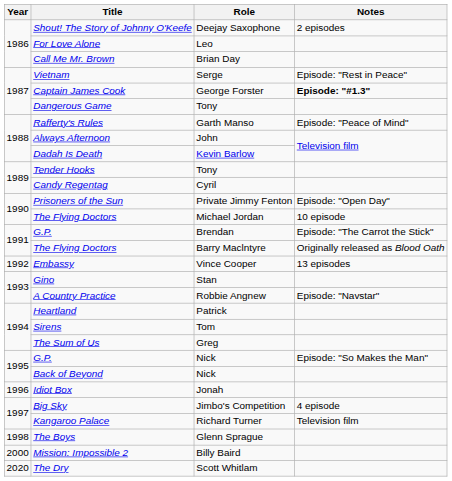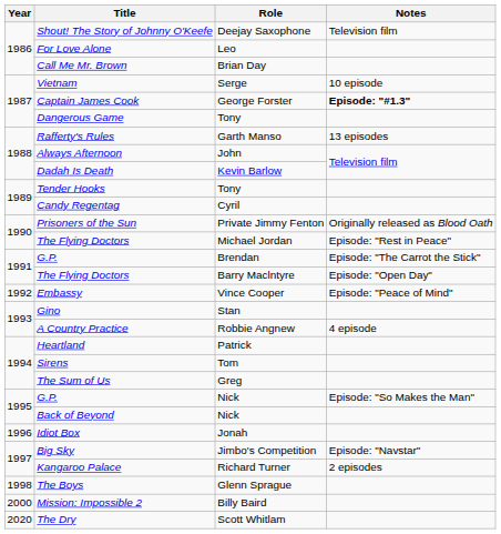 <table class="wikitable sortable">
 <tr>
 <th>Year</th>
 <th>Title</th>
 <th>Role</th>
 <th class="unsortable">Notes</th>
 </tr>
 <tr>
 <td rowspan="3">1986</td>
 <td><em><a href='#'>Shout! The Story of Johnny O'Keefe</a></em></td>
 <td>Deejay Saxophone</td>
-<td>2 episodes</td>
+<td>Television film</td>
 </tr>
 <tr>
 <td><em><a href='#'>For Love Alone</a></em></td>
 <td>Leo</td>
 <td></td>
 </tr>
 <tr>
 <td><em><a href='#'>Call Me Mr. Brown</a></em></td>
 <td>Brian Day</td>
 <td></td>
 </tr>
 <tr>
 <td rowspan="3">1987</td>
 <td><em><a href='#'>Vietnam</a></em></td>
 <td>Serge</td>
-<td>Episode: "Rest in Peace"</td>
+<td>10 episode</td>
 </tr>
 <tr>
 <td><em><a href='#'>Captain James Cook</a></em></td>
 <td>George Forster</td>
 <td><strong>Episode: "#1.3"</strong></td>
 </tr>
 <tr>
 <td><em><a href='#'>Dangerous Game</a></em></td>
 <td>Tony</td>
 <td></td>
 </tr>
 <tr>
 <td rowspan="3">1988</td>
 <td><em><a href='#'>Rafferty's Rules</a></em></td>
 <td>Garth Manso</td>
-<td>Episode: "Peace of Mind"</td>
+<td>13 episodes</td>
 </tr>
 <tr>
 <td><em><a href='#'>Always Afternoon</a></em></td>
 <td>John</td>
 <td rowspan="2"><a href='#'>Television film</a></td>
 </tr>
 <tr>
 <td><em><a href='#'>Dadah Is Death</a></em></td>
 <td><a href='#'>Kevin Barlow</a></td>
 </tr>
 <tr>
 <td rowspan="2">1989</td>
 <td><em><a href='#'>Tender Hooks</a></em></td>
 <td>Tony</td>
 <td></td>
 </tr>
 <tr>
 <td><em><a href='#'>Candy Regentag</a></em></td>
 <td>Cyril</td>
 <td></td>
 </tr>
 <tr>
 <td rowspan="2">1990</td>
 <td><em><a href='#'>Prisoners of the Sun</a></em></td>
 <td>Private Jimmy Fenton</td>
-<td>Episode: "Open Day"</td>
+<td>Originally released as <em>Blood Oath</em></td>
 </tr>
 <tr>
 <td><em><a href='#'>The Flying Doctors</a></em></td>
 <td>Michael Jordan</td>
-<td>10 episode</td>
+<td>Episode: "Rest in Peace"</td>
 </tr>
 <tr>
 <td rowspan="2">1991</td>
 <td><em><a href='#'>G.P.</a></em></td>
 <td>Brendan</td>
 <td>Episode: "The Carrot the Stick"</td>
 </tr>
 <tr>
 <td><em><a href='#'>The Flying Doctors</a></em></td>
 <td>Barry Maclntyre</td>
-<td>Originally released as <em>Blood Oath</em></td>
+<td>Episode: "Open Day"</td>
 </tr>
 <tr>
 <td>1992</td>
 <td><em><a href='#'>Embassy</a></em></td>
 <td>Vince Cooper</td>
-<td>13 episodes</td>
+<td>Episode: "Peace of Mind"</td>
 </tr>
 <tr>
 <td rowspan="2">1993</td>
 <td><em><a href='#'>Gino</a></em></td>
 <td>Stan</td>
 <td></td>
 </tr>
 <tr>
 <td><em><a href='#'>A Country Practice</a></em></td>
 <td>Robbie Angnew</td>
-<td>Episode: "Navstar"</td>
+<td>4 episode</td>
 </tr>
 <tr>
 <td rowspan="3">1994</td>
 <td><em><a href='#'>Heartland</a></em></td>
 <td>Patrick</td>
 <td></td>
 </tr>
 <tr>
 <td><em><a href='#'>Sirens</a></em></td>
 <td>Tom</td>
 <td></td>
 </tr>
 <tr>
 <td><em><a href='#'>The Sum of Us</a></em></td>
 <td>Greg</td>
 <td></td>
 </tr>
 <tr>
 <td rowspan="2">1995</td>
 <td><em><a href='#'>G.P.</a></em></td>
 <td>Nick</td>
 <td>Episode: "So Makes the Man"</td>
 </tr>
 <tr>
 <td><em><a href='#'>Back of Beyond</a></em></td>
 <td>Nick</td>
 <td></td>
 </tr>
 <tr>
 <td>1996</td>
 <td><em><a href='#'>Idiot Box</a></em></td>
 <td>Jonah</td>
 <td></td>
 </tr>
 <tr>
 <td rowspan="2">1997</td>
 <td><em><a href='#'>Big Sky</a></em></td>
 <td>Jimbo's Competition</td>
-<td>4 episode</td>
+<td>Episode: "Navstar"</td>
 </tr>
 <tr>
 <td><em><a href='#'>Kangaroo Palace</a></em></td>
 <td>Richard Turner</td>
-<td>Television film</td>
+<td>2 episodes</td>
 </tr>
 <tr>
 <td>1998</td>
 <td><em><a href='#'>The Boys</a></em></td>
 <td>Glenn Sprague</td>
 <td></td>
 </tr>
 <tr>
 <td>2000</td>
 <td><em><a href='#'>Mission: Impossible 2</a></em></td>
 <td>Billy Baird</td>
 <td></td>
 </tr>
 <tr>
 <td>2020</td>
 <td><em><a href='#'>The Dry</a></em></td>
 <td>Scott Whitlam</td>
 <td></td>
 </tr>
 </table>
